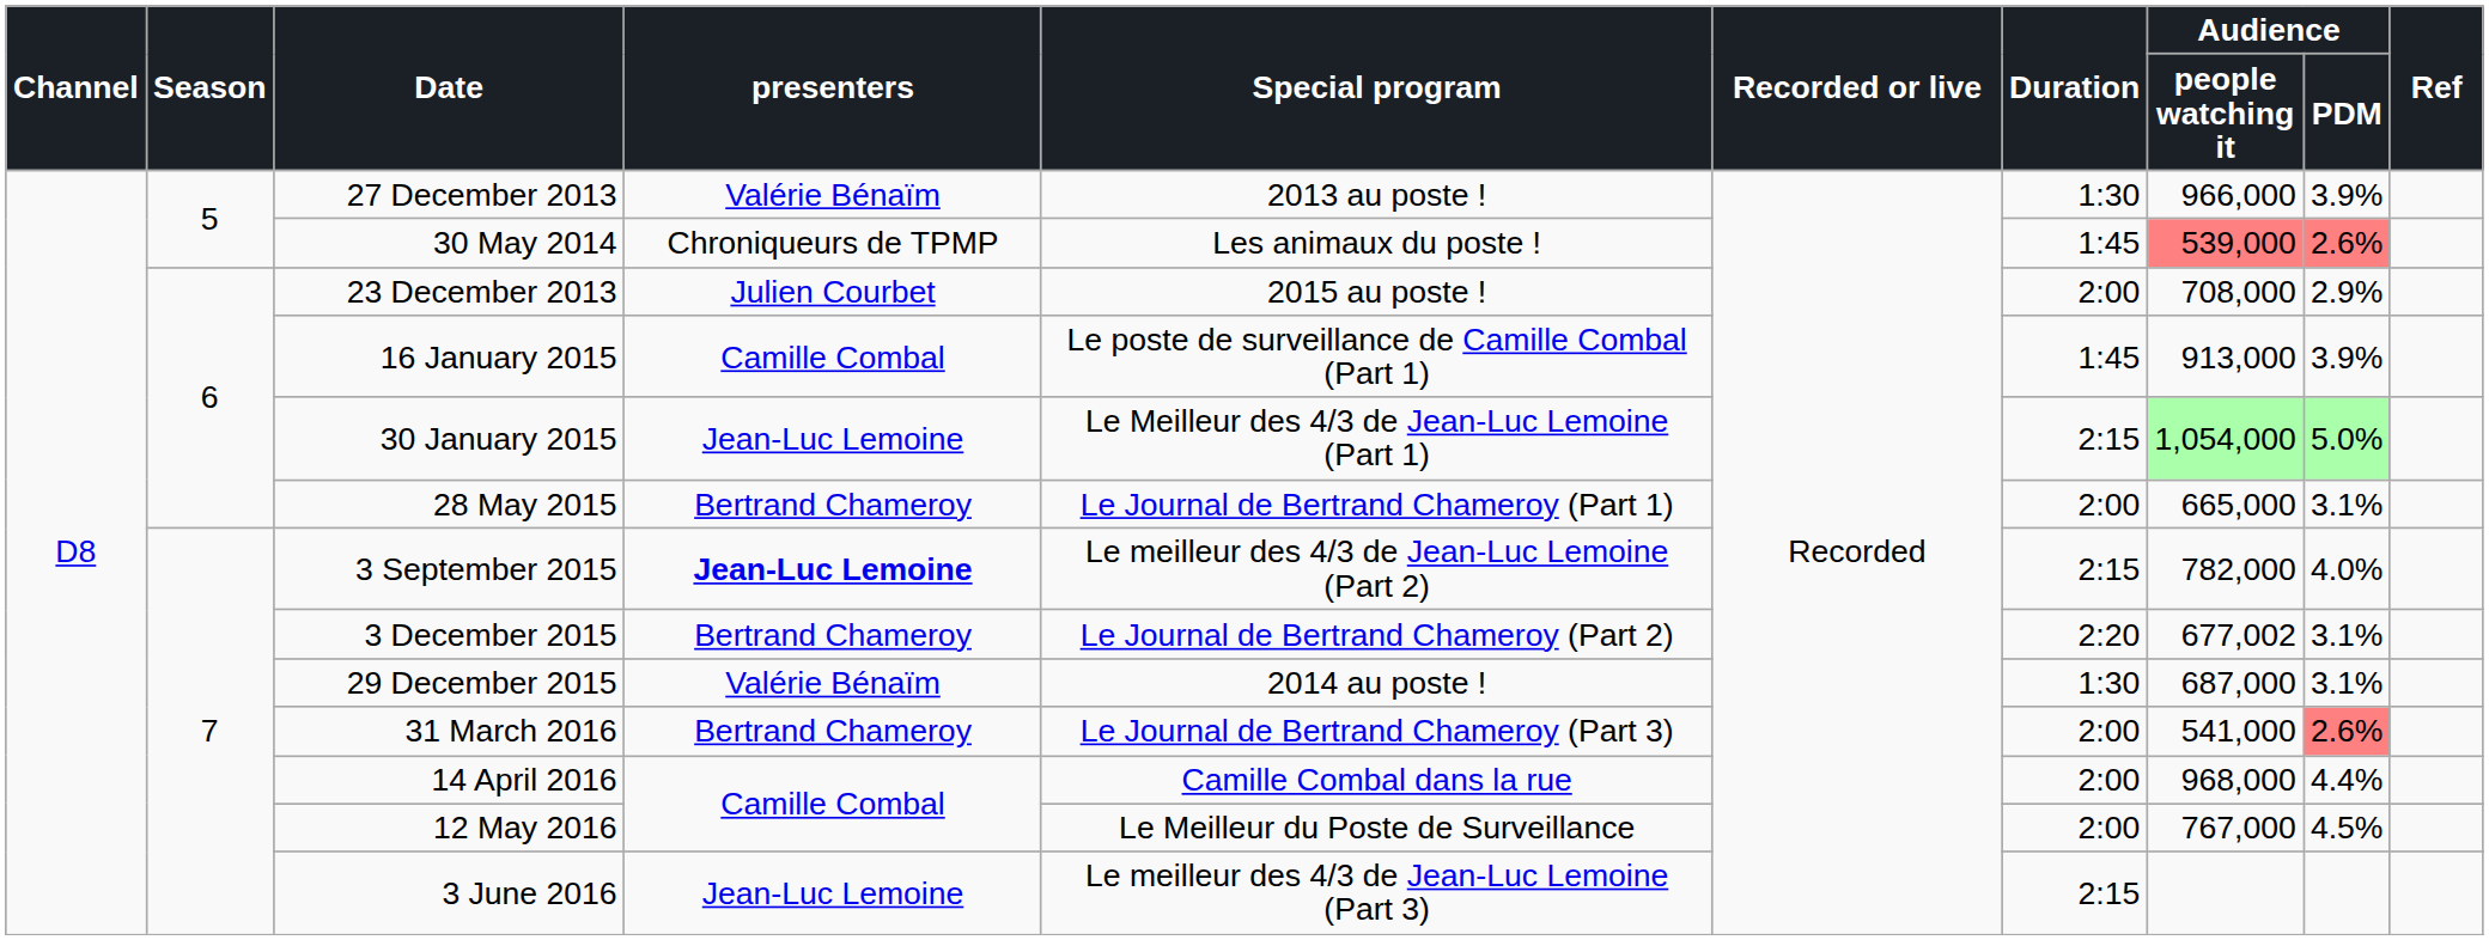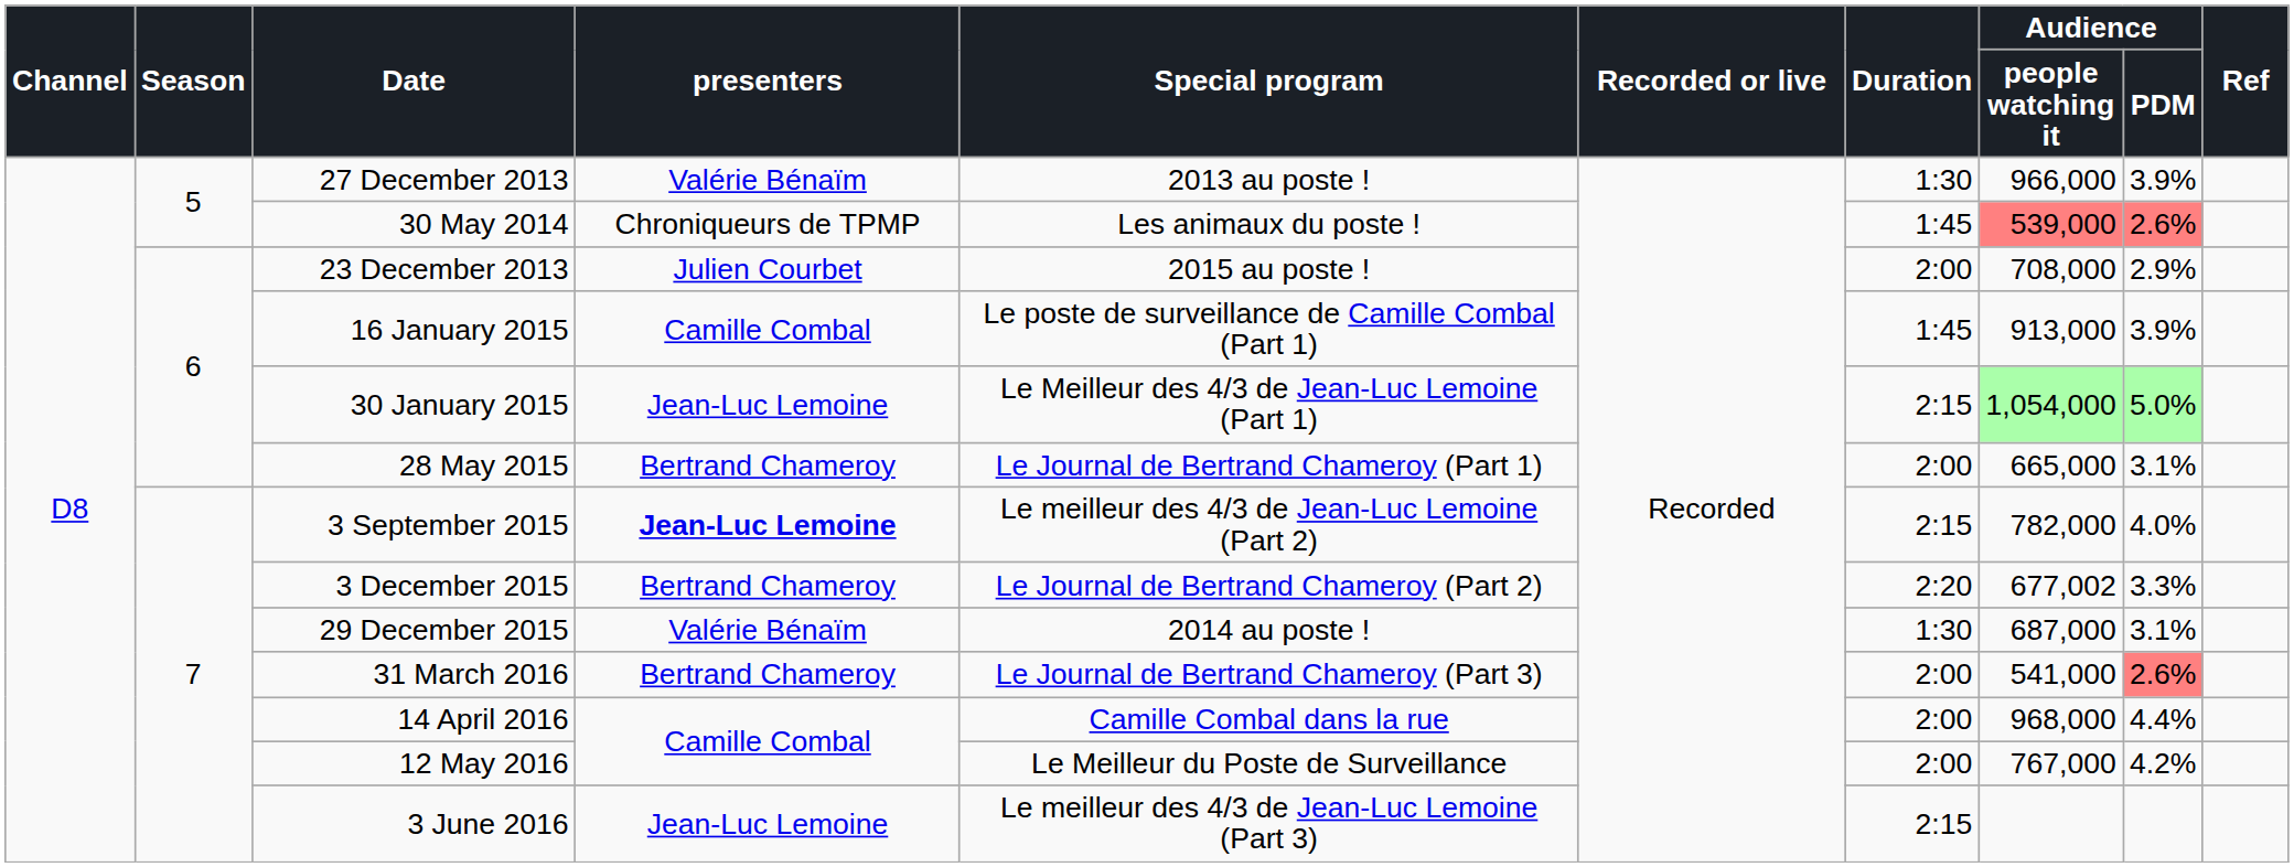 <table class="wikitable" style="text-align:center; line-height:17px; width=90%;">
 <tr style="text-align:center" width="100%">
 <th rowspan="2" style="background:#1B2027; color:white;" width="4%">Channel</th>
 <th rowspan="2" style="background:#1B2027; color:white;" width="4%">Season</th>
 <th rowspan="2" style="background:#1B2027; color:white;" width="16%">Date</th>
 <th rowspan="2" style="background:#1B2027; color:white;" width="19%">presenters</th>
 <th rowspan="2" style="background:#1B2027; color:white;" width="32%">Special program</th>
 <th rowspan="2" style="background:#1B2027; color:white;" width="13%">Recorded or live</th>
 <th rowspan="2" style="background:#1B2027; color:white;" width="5%">Duration</th>
 <th colspan="2" style="background:#1B2027; color:white;">Audience</th>
 <th rowspan="2" style="background:#1B2027; color:white;" width="4%">Ref</th>
 </tr>
 <tr>
 <th style="background:#1B2027; color:white;">people watching it</th>
 <th style="background:#1B2027; color:white;">PDM</th>
 </tr>
 <tr>
 <td rowspan="13"><a href='#'>D8</a></td>
 <td rowspan="2">5</td>
 <td align=right>27 December 2013</td>
 <td><a href='#'>Valérie Bénaïm</a></td>
 <td>2013 au poste !</td>
 <td rowspan="13">Recorded</td>
 <td align=right>1:30</td>
 <td align=right>966,000</td>
 <td align=right>3.9%</td>
 <td></td>
 </tr>
 <tr>
 <td align=right>30 May 2014</td>
 <td>Chroniqueurs de TPMP</td>
 <td>Les animaux du poste !</td>
 <td align=right>1:45</td>
 <td bgcolor="#FF8080"  align=right>539,000</td>
 <td bgcolor="#FF8080" align=right>2.6%</td>
 <td></td>
 </tr>
 <tr>
 <td rowspan="4">6</td>
 <td align=right>23 December 2013</td>
 <td><a href='#'>Julien Courbet</a></td>
 <td>2015 au poste !</td>
 <td align=right>2:00</td>
 <td align=right>708,000</td>
 <td align=right>2.9%</td>
 <td></td>
 </tr>
 <tr>
 <td align=right>16 January 2015</td>
 <td><a href='#'>Camille Combal</a></td>
 <td>Le poste de surveillance de <a href='#'>Camille Combal</a> (Part 1)</td>
 <td align=right>1:45</td>
 <td align=right>913,000</td>
 <td align=right>3.9%</td>
 <td></td>
 </tr>
 <tr>
 <td align=right>30 January 2015</td>
 <td><a href='#'>Jean-Luc Lemoine</a></td>
 <td>Le Meilleur des 4/3 de <a href='#'>Jean-Luc Lemoine</a> (Part 1)</td>
 <td align=right>2:15</td>
 <td bgcolor="#AAFFAA"  align=right>1,054,000</td>
 <td bgcolor="#AAFFAA" align=right>5.0%</td>
 <td></td>
 </tr>
 <tr>
 <td align=right>28 May 2015</td>
 <td><a href='#'>Bertrand Chameroy</a></td>
 <td><a href='#'>Le Journal de Bertrand Chameroy</a> (Part 1)</td>
 <td align=right>2:00</td>
 <td align=right>665,000</td>
 <td align=right>3.1%</td>
 <td></td>
 </tr>
 <tr>
 <td rowspan="7">7</td>
 <td align=right>3 September 2015</td>
 <td><strong><a href='#'>Jean-Luc Lemoine</a></strong></td>
 <td>Le meilleur des 4/3 de <a href='#'>Jean-Luc Lemoine</a> (Part 2)</td>
 <td align=right>2:15</td>
 <td align=right>782,000</td>
 <td align=right>4.0%</td>
 <td></td>
 </tr>
 <tr>
 <td align=right>3 December 2015</td>
 <td><a href='#'>Bertrand Chameroy</a></td>
 <td><a href='#'>Le Journal de Bertrand Chameroy</a> (Part 2)</td>
 <td align=right>2:20</td>
 <td align=right>677,002</td>
-<td align=right>3.1%</td>
+<td align=right>3.3%</td>
 <td></td>
 </tr>
 <tr>
 <td align=right>29 December 2015</td>
 <td><a href='#'>Valérie Bénaïm</a></td>
 <td>2014 au poste !</td>
 <td align=right>1:30</td>
 <td align=right>687,000</td>
 <td align=right>3.1%</td>
 <td></td>
 </tr>
 <tr>
 <td align=right>31 March 2016</td>
 <td><a href='#'>Bertrand Chameroy</a></td>
 <td><a href='#'>Le Journal de Bertrand Chameroy</a> (Part 3)</td>
 <td align=right>2:00</td>
 <td align=right>541,000</td>
 <td bgcolor="#FF8080" align=right>2.6%</td>
 <td></td>
 </tr>
 <tr>
 <td align=right>14 April 2016</td>
 <td rowspan=2><a href='#'>Camille Combal</a></td>
 <td><a href='#'>Camille Combal dans la rue</a></td>
 <td align=right>2:00</td>
 <td align=right>968,000</td>
 <td align=right>4.4%</td>
 <td></td>
 </tr>
 <tr>
 <td align=right>12 May 2016</td>
 <td>Le Meilleur du Poste de Surveillance</td>
 <td align=right>2:00</td>
 <td align=right>767,000</td>
-<td align=right>4.5%</td>
+<td align=right>4.2%</td>
 <td></td>
 </tr>
 <tr>
 <td align=right>3 June 2016</td>
 <td><a href='#'>Jean-Luc Lemoine</a></td>
 <td>Le meilleur des 4/3 de <a href='#'>Jean-Luc Lemoine</a> (Part 3)</td>
 <td align=right>2:15</td>
 <td></td>
 <td></td>
 <td></td>
 </tr>
 </table>
